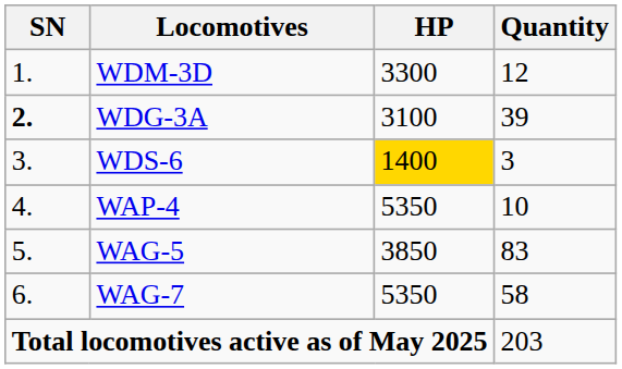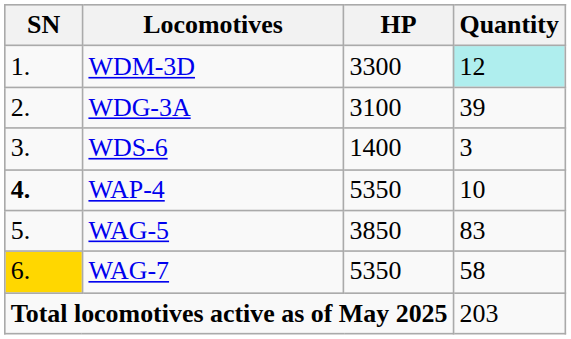 <table class="wikitable">
 <tr>
 <th>SN</th>
 <th>Locomotives</th>
 <th>HP</th>
 <th>Quantity</th>
 </tr>
 <tr>
 <td>1.</td>
 <td><a href='#'>WDM-3D</a></td>
 <td>3300</td>
-<td>12</td>
+<td style="background: paleturquoise;">12</td>
 </tr>
 <tr>
-<td><strong>2.</strong></td>
+<td>2.</td>
 <td><a href='#'>WDG-3A</a></td>
 <td>3100</td>
 <td>39</td>
 </tr>
 <tr>
 <td>3.</td>
 <td><a href='#'>WDS-6</a></td>
-<td style="background: gold;">1400</td>
+<td>1400</td>
 <td>3</td>
 </tr>
 <tr>
-<td>4.</td>
+<td><strong>4.</strong></td>
 <td><a href='#'>WAP-4</a></td>
 <td>5350</td>
 <td>10</td>
 </tr>
 <tr>
 <td>5.</td>
 <td><a href='#'>WAG-5</a></td>
 <td>3850</td>
 <td>83</td>
 </tr>
 <tr>
-<td>6.</td>
+<td style="background: gold;">6.</td>
 <td><a href='#'>WAG-7</a></td>
 <td>5350</td>
 <td>58</td>
 </tr>
 <tr>
 <td colspan="3"><strong>Total locomotives active as of May 2025</strong></td>
 <td>203</td>
 </tr>
 </table>
